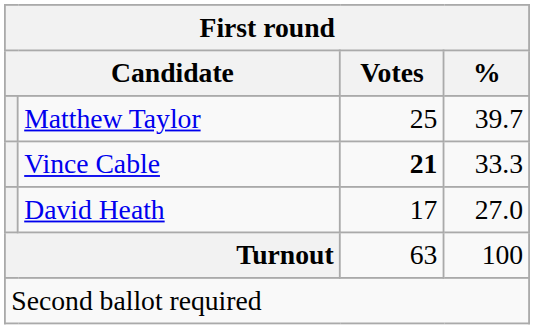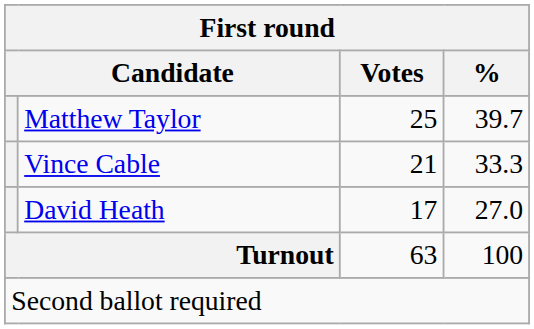 <table class=wikitable style="font-size:95%;">
 <tr>
 <th colspan="5">First round</th>
 </tr>
 <tr>
 <th colspan="2" style="width: 170px">Candidate</th>
 <th style="width: 50px">Votes</th>
 <th style="width: 40px">%</th>
 </tr>
 <tr>
 <th style="background-color: "></th>
 <td style="width: 170px"><a href='#'>Matthew Taylor</a></td>
 <td align="right">25</td>
 <td align="right">39.7</td>
 </tr>
 <tr>
 <th style="background-color: "></th>
 <td style="width: 170px"><a href='#'>Vince Cable</a></td>
-<td align="right"><strong>21</strong></td>
+<td align="right">21</td>
 <td align="right">33.3</td>
 </tr>
 <tr>
 <th style="background-color: "></th>
 <td style="width: 170px"><a href='#'>David Heath</a></td>
 <td align="right">17</td>
 <td align="right">27.0</td>
 </tr>
 <tr>
 <th colspan="2" style="text-align:right">Turnout</th>
 <td align="right">63</td>
 <td align="right">100</td>
 </tr>
 <tr>
 <td colspan="4">Second ballot required</td>
 </tr>
 </table>
